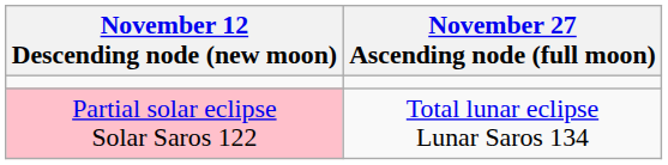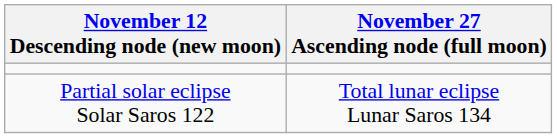 <table class="wikitable">
 <tr>
 <th><a href='#'>November 12</a><br>Descending node (new moon)</th>
 <th><a href='#'>November 27</a><br>Ascending node (full moon)</th>
 </tr>
 <tr>
 <td></td>
 <td></td>
 </tr>
 <tr align=center>
-<td style="background: pink;"><a href='#'>Partial solar eclipse</a><br>Solar Saros 122</td>
+<td><a href='#'>Partial solar eclipse</a><br>Solar Saros 122</td>
 <td><a href='#'>Total lunar eclipse</a><br>Lunar Saros 134</td>
 </tr>
 </table>
